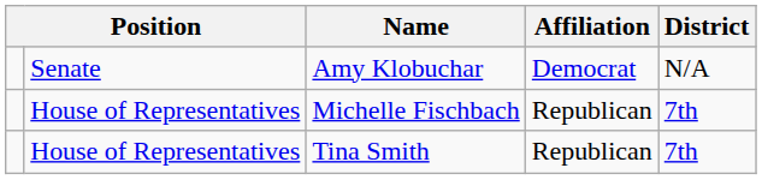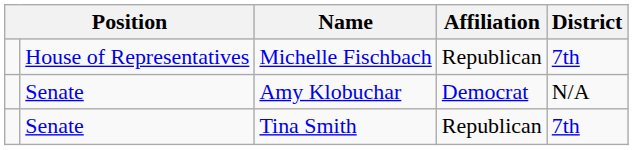 <table class="wikitable">
 <tr>
 <th colspan="2">Position</th>
 <th>Name</th>
 <th>Affiliation</th>
 <th>District</th>
+</tr>
+<tr>
+<td style="background-color:"> </td>
+<td><a href='#'>House of Representatives</a></td>
+<td><a href='#'>Michelle Fischbach</a></td>
+<td>Republican</td>
+<td><a href='#'>7th</a></td>
 </tr>
 <tr>
 <td style="background-color:"> </td>
 <td><a href='#'>Senate</a></td>
 <td><a href='#'>Amy Klobuchar</a></td>
 <td><a href='#'>Democrat</a></td>
 <td>N/A</td>
 </tr>
 <tr>
 <td style="background-color:"> </td>
-<td><a href='#'>House of Representatives</a></td>
-<td><a href='#'>Michelle Fischbach</a></td>
-<td>Republican</td>
-<td><a href='#'>7th</a></td>
-</tr>
-<tr>
-<td style="background-color:"> </td>
-<td><a href='#'>House of Representatives</a></td>
+<td><a href='#'>Senate</a></td>
 <td><a href='#'>Tina Smith</a></td>
 <td>Republican</td>
 <td><a href='#'>7th</a></td>
 </tr>
 </table>
